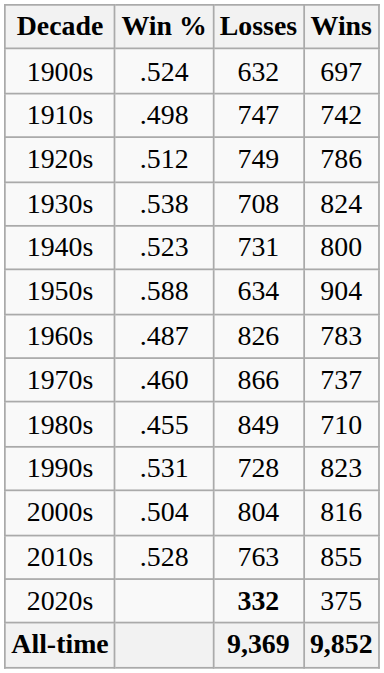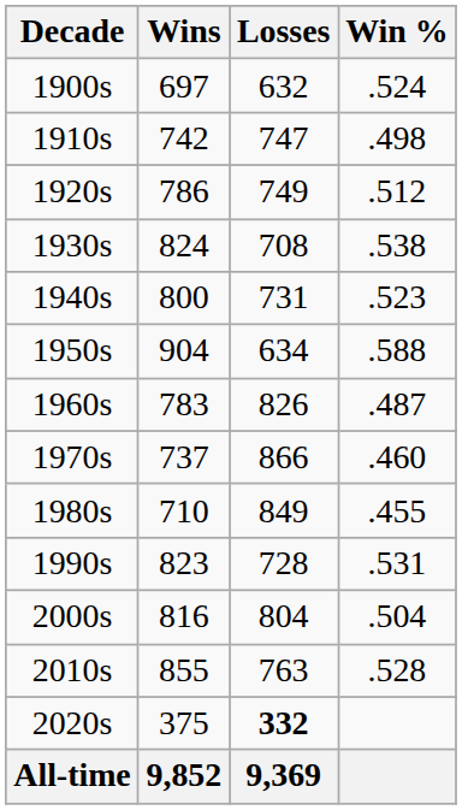 <table class="wikitable" style="text-align:center">
 <tr>
 <th style="text-align:center; ">Decade</th>
+<th style="text-align:center; ">Wins</th>
+<th style="text-align:center; ">Losses</th>
 <th style="text-align:center; ">Win %</th>
-<th style="text-align:center; ">Losses</th>
-<th style="text-align:center; ">Wins</th>
 </tr>
 <tr>
 <td>1900s</td>
+<td>697</td>
+<td>632</td>
 <td>.524</td>
-<td>632</td>
-<td>697</td>
 </tr>
 <tr>
 <td>1910s</td>
+<td>742</td>
+<td>747</td>
 <td>.498</td>
-<td>747</td>
-<td>742</td>
 </tr>
 <tr>
 <td>1920s</td>
+<td>786</td>
+<td>749</td>
 <td>.512</td>
-<td>749</td>
-<td>786</td>
 </tr>
 <tr>
 <td>1930s</td>
+<td>824</td>
+<td>708</td>
 <td>.538</td>
-<td>708</td>
-<td>824</td>
 </tr>
 <tr>
 <td>1940s</td>
+<td>800</td>
+<td>731</td>
 <td>.523</td>
-<td>731</td>
-<td>800</td>
 </tr>
 <tr>
 <td>1950s</td>
+<td>904</td>
+<td>634</td>
 <td>.588</td>
-<td>634</td>
-<td>904</td>
 </tr>
 <tr>
 <td>1960s</td>
+<td>783</td>
+<td>826</td>
 <td>.487</td>
-<td>826</td>
-<td>783</td>
 </tr>
 <tr>
 <td>1970s</td>
+<td>737</td>
+<td>866</td>
 <td>.460</td>
-<td>866</td>
-<td>737</td>
 </tr>
 <tr>
 <td>1980s</td>
+<td>710</td>
+<td>849</td>
 <td>.455</td>
-<td>849</td>
-<td>710</td>
 </tr>
 <tr>
 <td>1990s</td>
+<td>823</td>
+<td>728</td>
 <td>.531</td>
-<td>728</td>
-<td>823</td>
 </tr>
 <tr>
 <td>2000s</td>
+<td>816</td>
+<td>804</td>
 <td>.504</td>
-<td>804</td>
-<td>816</td>
 </tr>
 <tr>
 <td>2010s</td>
+<td>855</td>
+<td>763</td>
 <td>.528</td>
-<td>763</td>
-<td>855</td>
 </tr>
 <tr>
 <td>2020s</td>
+<td>375</td>
+<td><strong>332</strong></td>
 <td></td>
-<td><strong>332</strong></td>
-<td>375</td>
 </tr>
 <tr style="background:#f0f0f0; font-weight:bold">
 <th style="text-align:center; ">All-time</th>
+<th style="text-align:center; ">9,852</th>
+<th style="text-align:center; ">9,369</th>
 <th style="text-align:center; "></th>
-<th style="text-align:center; ">9,369</th>
-<th style="text-align:center; ">9,852</th>
 </tr>
 </table>
